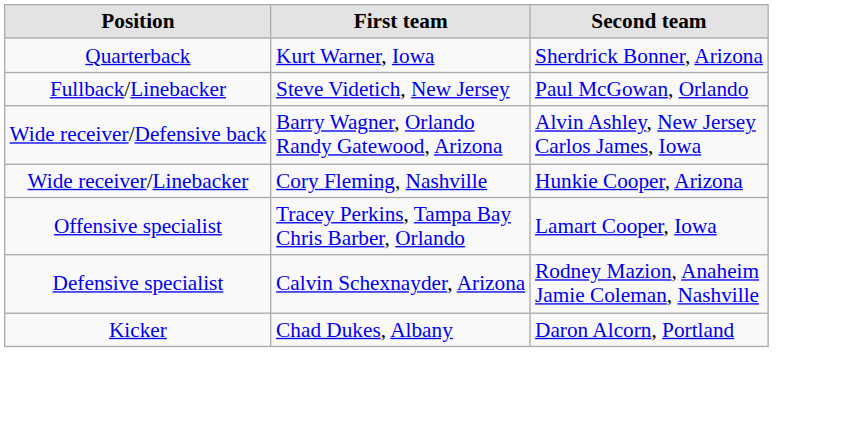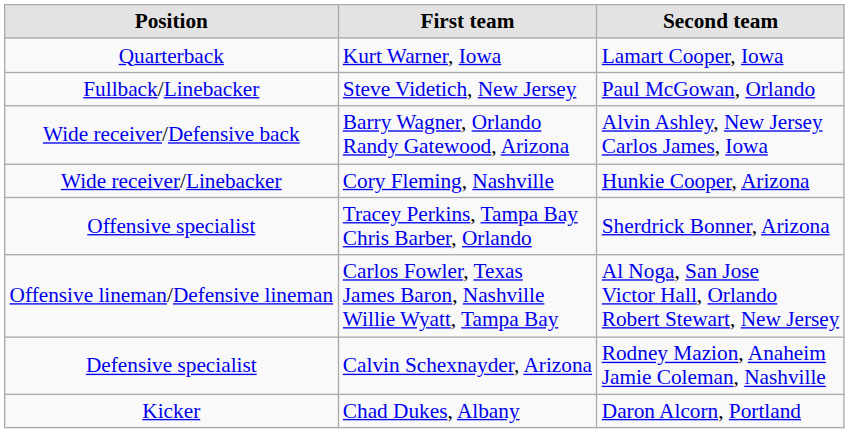 <table class="wikitable">
 <tr>
 <th style="background:#e3e3e3;">Position</th>
 <th style="background:#e3e3e3;">First team</th>
 <th style="background:#e3e3e3;">Second team</th>
 </tr>
 <tr>
 <td align=center><a href='#'>Quarterback</a></td>
 <td><a href='#'>Kurt Warner</a>, <a href='#'>Iowa</a></td>
-<td><a href='#'>Sherdrick Bonner</a>, <a href='#'>Arizona</a></td>
+<td><a href='#'>Lamart Cooper</a>, <a href='#'>Iowa</a></td>
 </tr>
 <tr>
 <td align=center><a href='#'>Fullback</a>/<a href='#'>Linebacker</a></td>
 <td><a href='#'>Steve Videtich</a>, <a href='#'>New Jersey</a></td>
 <td><a href='#'>Paul McGowan</a>, <a href='#'>Orlando</a></td>
 </tr>
 <tr>
 <td align=center><a href='#'>Wide receiver</a>/<a href='#'>Defensive back</a></td>
 <td><a href='#'>Barry Wagner</a>, <a href='#'>Orlando</a><br><a href='#'>Randy Gatewood</a>, <a href='#'>Arizona</a></td>
 <td><a href='#'>Alvin Ashley</a>, <a href='#'>New Jersey</a><br><a href='#'>Carlos James</a>, <a href='#'>Iowa</a></td>
 </tr>
 <tr>
 <td align=center><a href='#'>Wide receiver</a>/<a href='#'>Linebacker</a></td>
 <td><a href='#'>Cory Fleming</a>, <a href='#'>Nashville</a></td>
 <td><a href='#'>Hunkie Cooper</a>, <a href='#'>Arizona</a></td>
 </tr>
 <tr>
 <td align=center><a href='#'>Offensive specialist</a></td>
 <td><a href='#'>Tracey Perkins</a>, <a href='#'>Tampa Bay</a><br><a href='#'>Chris Barber</a>, <a href='#'>Orlando</a></td>
-<td><a href='#'>Lamart Cooper</a>, <a href='#'>Iowa</a></td>
+<td><a href='#'>Sherdrick Bonner</a>, <a href='#'>Arizona</a></td>
+</tr>
+<tr>
+<td align=center><a href='#'>Offensive lineman</a>/<a href='#'>Defensive lineman</a></td>
+<td><a href='#'>Carlos Fowler</a>, <a href='#'>Texas</a><br><a href='#'>James Baron</a>, <a href='#'>Nashville</a><br><a href='#'>Willie Wyatt</a>, <a href='#'>Tampa Bay</a></td>
+<td><a href='#'>Al Noga</a>, <a href='#'>San Jose</a><br><a href='#'>Victor Hall</a>, <a href='#'>Orlando</a><br><a href='#'>Robert Stewart</a>, <a href='#'>New Jersey</a></td>
 </tr>
 <tr>
 <td align=center><a href='#'>Defensive specialist</a></td>
 <td><a href='#'>Calvin Schexnayder</a>, <a href='#'>Arizona</a></td>
 <td><a href='#'>Rodney Mazion</a>, <a href='#'>Anaheim</a><br><a href='#'>Jamie Coleman</a>, <a href='#'>Nashville</a></td>
 </tr>
 <tr>
 <td align=center><a href='#'>Kicker</a></td>
 <td><a href='#'>Chad Dukes</a>, <a href='#'>Albany</a></td>
 <td><a href='#'>Daron Alcorn</a>, <a href='#'>Portland</a></td>
 </tr>
 </table>
